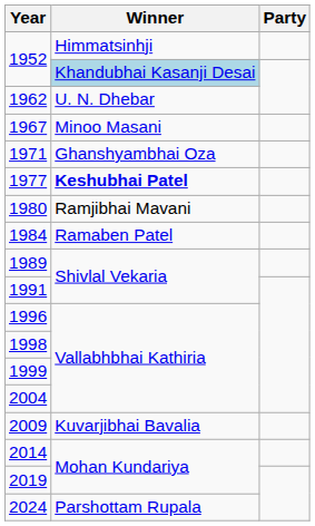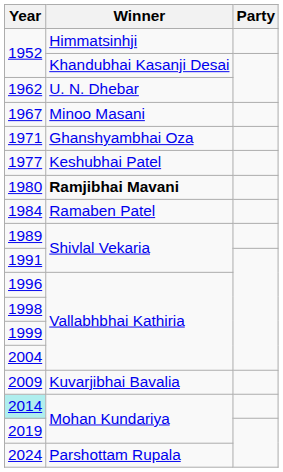 <table class="wikitable sortable">
 <tr>
 <th>Year</th>
 <th>Winner</th>
 <th colspan=2>Party</th>
 </tr>
 <tr>
 <td rowspan="2"><a href='#'>1952</a></td>
 <td><a href='#'>Himmatsinhji</a></td>
 <td></td>
 </tr>
 <tr>
-<td style="background: lightblue;"><a href='#'>Khandubhai Kasanji Desai</a></td>
+<td><a href='#'>Khandubhai Kasanji Desai</a></td>
 </tr>
 <tr>
 <td><a href='#'>1962</a></td>
 <td><a href='#'>U. N. Dhebar</a></td>
 </tr>
 <tr>
 <td><a href='#'>1967</a></td>
 <td><a href='#'>Minoo Masani</a></td>
 <td></td>
 </tr>
 <tr>
 <td><a href='#'>1971</a></td>
 <td><a href='#'>Ghanshyambhai Oza</a></td>
 <td></td>
 </tr>
 <tr>
 <td><a href='#'>1977</a></td>
-<td><strong><a href='#'>Keshubhai Patel</a></strong></td>
+<td><a href='#'>Keshubhai Patel</a></td>
 <td></td>
 </tr>
 <tr>
 <td><a href='#'>1980</a></td>
-<td>Ramjibhai Mavani</td>
+<td><strong>Ramjibhai Mavani</strong></td>
 <td></td>
 </tr>
 <tr>
 <td><a href='#'>1984</a></td>
 <td><a href='#'>Ramaben Patel</a></td>
 <td></td>
 </tr>
 <tr>
 <td><a href='#'>1989</a></td>
 <td rowspan="2"><a href='#'>Shivlal Vekaria</a></td>
 <td></td>
 </tr>
 <tr>
 <td><a href='#'>1991</a></td>
 </tr>
 <tr>
 <td><a href='#'>1996</a></td>
 <td rowspan=4><a href='#'>Vallabhbhai Kathiria</a></td>
 </tr>
 <tr>
 <td><a href='#'>1998</a></td>
 </tr>
 <tr>
 <td><a href='#'>1999</a></td>
 </tr>
 <tr>
 <td><a href='#'>2004</a></td>
 </tr>
 <tr>
 <td><a href='#'>2009</a></td>
 <td><a href='#'>Kuvarjibhai Bavalia</a></td>
 <td></td>
 </tr>
 <tr>
-<td><a href='#'>2014</a></td>
+<td style="background: paleturquoise;"><a href='#'>2014</a></td>
 <td rowspan="2"><a href='#'>Mohan Kundariya</a></td>
 <td></td>
 </tr>
 <tr>
 <td><a href='#'>2019</a></td>
 </tr>
 <tr>
 <td><a href='#'>2024</a></td>
 <td><a href='#'>Parshottam Rupala</a></td>
 </tr>
 </table>
